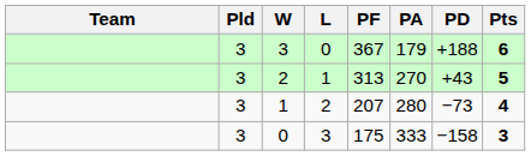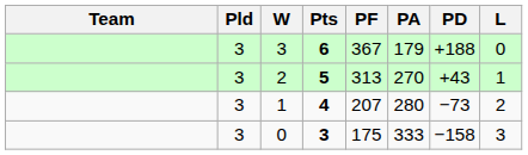 <table class=wikitable style="text-align:center">
 <tr>
 <th width=180>Team</th>
 <th width=30>Pld</th>
 <th width=30>W</th>
-<th width=30>L</th>
+<th width=30>Pts</th>
 <th width=30>PF</th>
 <th width=30>PA</th>
 <th width=30>PD</th>
-<th width=30>Pts</th>
+<th width=30>L</th>
 </tr>
 <tr align=center bgcolor="#ccffcc">
 <td align=left></td>
 <td>3</td>
 <td>3</td>
-<td>0</td>
+<td><strong>6</strong></td>
 <td>367</td>
 <td>179</td>
 <td>+188</td>
-<td><strong>6</strong></td>
+<td>0</td>
 </tr>
 <tr align=center bgcolor="#ccffcc">
 <td align=left></td>
 <td>3</td>
 <td>2</td>
-<td>1</td>
+<td><strong>5</strong></td>
 <td>313</td>
 <td>270</td>
 <td>+43</td>
-<td><strong>5</strong></td>
+<td>1</td>
 </tr>
 <tr align=center>
 <td align=left></td>
 <td>3</td>
 <td>1</td>
-<td>2</td>
+<td><strong>4</strong></td>
 <td>207</td>
 <td>280</td>
 <td>−73</td>
-<td><strong>4</strong></td>
+<td>2</td>
 </tr>
 <tr align=center>
 <td align=left></td>
 <td>3</td>
 <td>0</td>
-<td>3</td>
+<td><strong>3</strong></td>
 <td>175</td>
 <td>333</td>
 <td>−158</td>
-<td><strong>3</strong></td>
+<td>3</td>
 </tr>
 </table>
